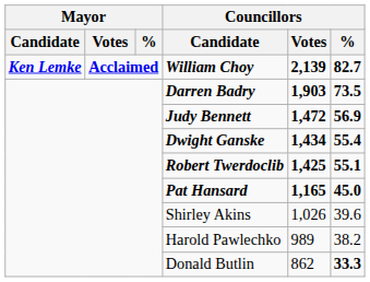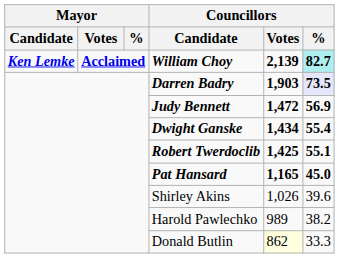 <table class="wikitable collapsible collapsed" align="right">
 <tr>
 <th colspan=3>Mayor</th>
 <th colspan=3>Councillors</th>
 </tr>
 <tr>
 <th>Candidate</th>
 <th>Votes</th>
 <th>%</th>
 <th>Candidate</th>
 <th>Votes</th>
 <th>%</th>
 </tr>
 <tr>
 <td><strong><em><a href='#'>Ken Lemke</a></em></strong></td>
 <td colspan=2><strong><a href='#'>Acclaimed</a></strong></td>
 <td><strong><em>William Choy</em></strong></td>
 <td><strong>2,139</strong></td>
-<td><strong>82.7</strong></td>
+<td style="background: paleturquoise;"><strong>82.7</strong></td>
 </tr>
 <tr>
 <td rowspan=8 colspan=3></td>
 <td><strong><em>Darren Badry</em></strong></td>
 <td><strong>1,903</strong></td>
-<td><strong>73.5</strong></td>
+<td style="background: lavender;"><strong>73.5</strong></td>
 </tr>
 <tr>
 <td><strong><em>Judy Bennett</em></strong></td>
 <td><strong>1,472</strong></td>
 <td><strong>56.9</strong></td>
 </tr>
 <tr>
 <td><strong><em>Dwight Ganske</em></strong></td>
 <td><strong>1,434</strong></td>
 <td><strong>55.4</strong></td>
 </tr>
 <tr>
 <td><strong><em>Robert Twerdoclib</em></strong></td>
 <td><strong>1,425</strong></td>
 <td><strong>55.1</strong></td>
 </tr>
 <tr>
 <td><strong><em>Pat Hansard</em></strong></td>
 <td><strong>1,165</strong></td>
 <td><strong>45.0</strong></td>
 </tr>
 <tr>
 <td>Shirley Akins</td>
 <td>1,026</td>
 <td>39.6</td>
 </tr>
 <tr>
 <td>Harold Pawlechko</td>
 <td>989</td>
 <td>38.2</td>
 </tr>
 <tr>
 <td>Donald Butlin</td>
-<td>862</td>
-<td><strong>33.3</strong></td>
+<td style="background: lightyellow;">862</td>
+<td>33.3</td>
 </tr>
 </table>
